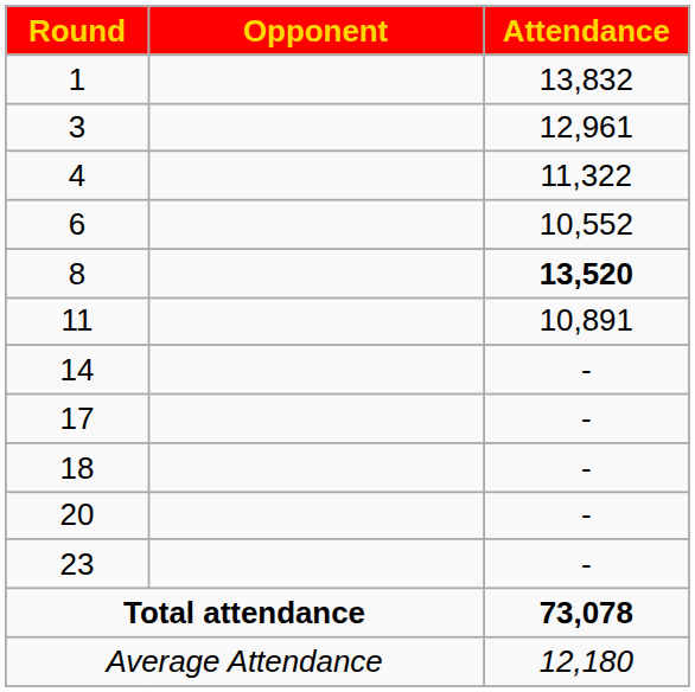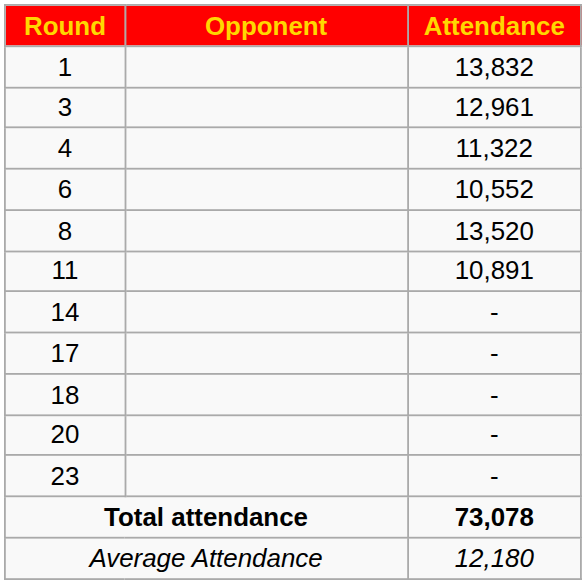 <table class="wikitable sortable" style="text-align:center; font-size:90%">
 <tr>
 <th style="width:60px; background:red; color:gold; text-align:center;">Round</th>
 <th style="width:150px; background:red; color:gold; text-align:center;" class="unsortable">Opponent</th>
 <th style="width:90px; background:red; color:gold; text-align:center;">Attendance</th>
 </tr>
 <tr>
 <td>1</td>
 <td></td>
 <td>13,832</td>
 </tr>
 <tr>
 <td>3</td>
 <td></td>
 <td>12,961</td>
 </tr>
 <tr>
 <td>4</td>
 <td></td>
 <td>11,322</td>
 </tr>
 <tr>
 <td>6</td>
 <td></td>
 <td>10,552</td>
 </tr>
 <tr>
 <td>8</td>
 <td></td>
-<td><strong>13,520</strong></td>
+<td>13,520</td>
 </tr>
 <tr>
 <td>11</td>
 <td></td>
 <td>10,891</td>
 </tr>
 <tr>
 <td>14</td>
 <td></td>
 <td>-</td>
 </tr>
 <tr>
 <td>17</td>
 <td></td>
 <td>-</td>
 </tr>
 <tr>
 <td>18</td>
 <td></td>
 <td>-</td>
 </tr>
 <tr>
 <td>20</td>
 <td></td>
 <td>-</td>
 </tr>
 <tr>
 <td>23</td>
 <td></td>
 <td>-</td>
 </tr>
 <tr class="sortbottom">
 <td colspan="2"><strong>Total attendance</strong></td>
 <td><strong>73,078</strong></td>
 </tr>
 <tr class="sortbottom">
 <td colspan="2"><em>Average Attendance</em></td>
 <td><em>12,180</em></td>
 </tr>
 </table>
